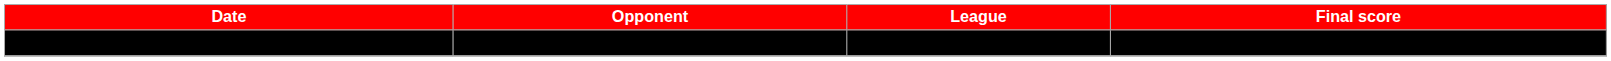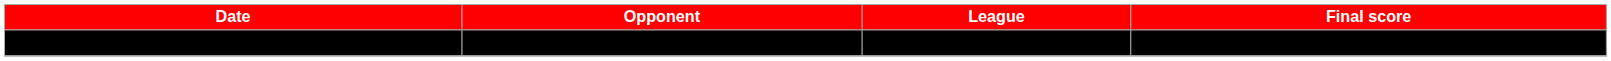 <table class="wikitable" width="80%">
 <tr align="center"  style="background:red;color:white;">
 <td><strong>Date</strong></td>
 <td><strong>Opponent</strong></td>
 <td><strong>League</strong></td>
 <td><strong>Final score</strong></td>
 </tr>
 <tr align="center" bgcolor=" ">
 <td>September 23</td>
 <td>Team Japan</td>
 <td>IIHF</td>
-<td><strong>3-0, Wisconsin</strong></td>
+<td>3-0, Wisconsin</td>
 </tr>
 <tr align="center" bgcolor=" ">
 </tr>
 </table>
